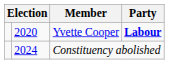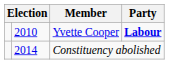 <table class="wikitable">
 <tr>
 <th colspan=2>Election</th>
 <th>Member</th>
 <th>Party</th>
 </tr>
 <tr>
 <td style="color:inherit;background-color: "></td>
-<td><a href='#'>2020</a></td>
+<td><a href='#'>2010</a></td>
 <td><a href='#'>Yvette Cooper</a></td>
 <td><strong><a href='#'>Labour</a></strong></td>
 </tr>
 <tr>
 <td></td>
-<td><a href='#'>2024</a></td>
+<td><a href='#'>2014</a></td>
 <td colspan="2"><em>Constituency abolished</em></td>
 </tr>
 </table>
